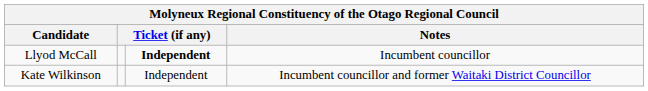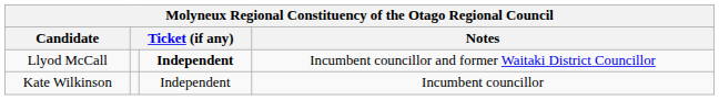 <table class="wikitable" style="text-align: center; width:50em">
 <tr>
 <th colspan="4">Molyneux Regional Constituency of the Otago Regional Council</th>
 </tr>
 <tr>
 <th>Candidate</th>
 <th colspan="2"><a href='#'>Ticket</a> (if any)</th>
 <th>Notes</th>
 </tr>
 <tr>
 <td>Llyod McCall</td>
 <td></td>
 <td><strong>Independent</strong></td>
-<td>Incumbent councillor</td>
+<td>Incumbent councillor and former <a href='#'>Waitaki District Councillor</a></td>
 </tr>
 <tr>
 <td>Kate Wilkinson</td>
 <td></td>
 <td>Independent</td>
-<td>Incumbent councillor and former <a href='#'>Waitaki District Councillor</a></td>
+<td>Incumbent councillor</td>
 </tr>
 </table>
